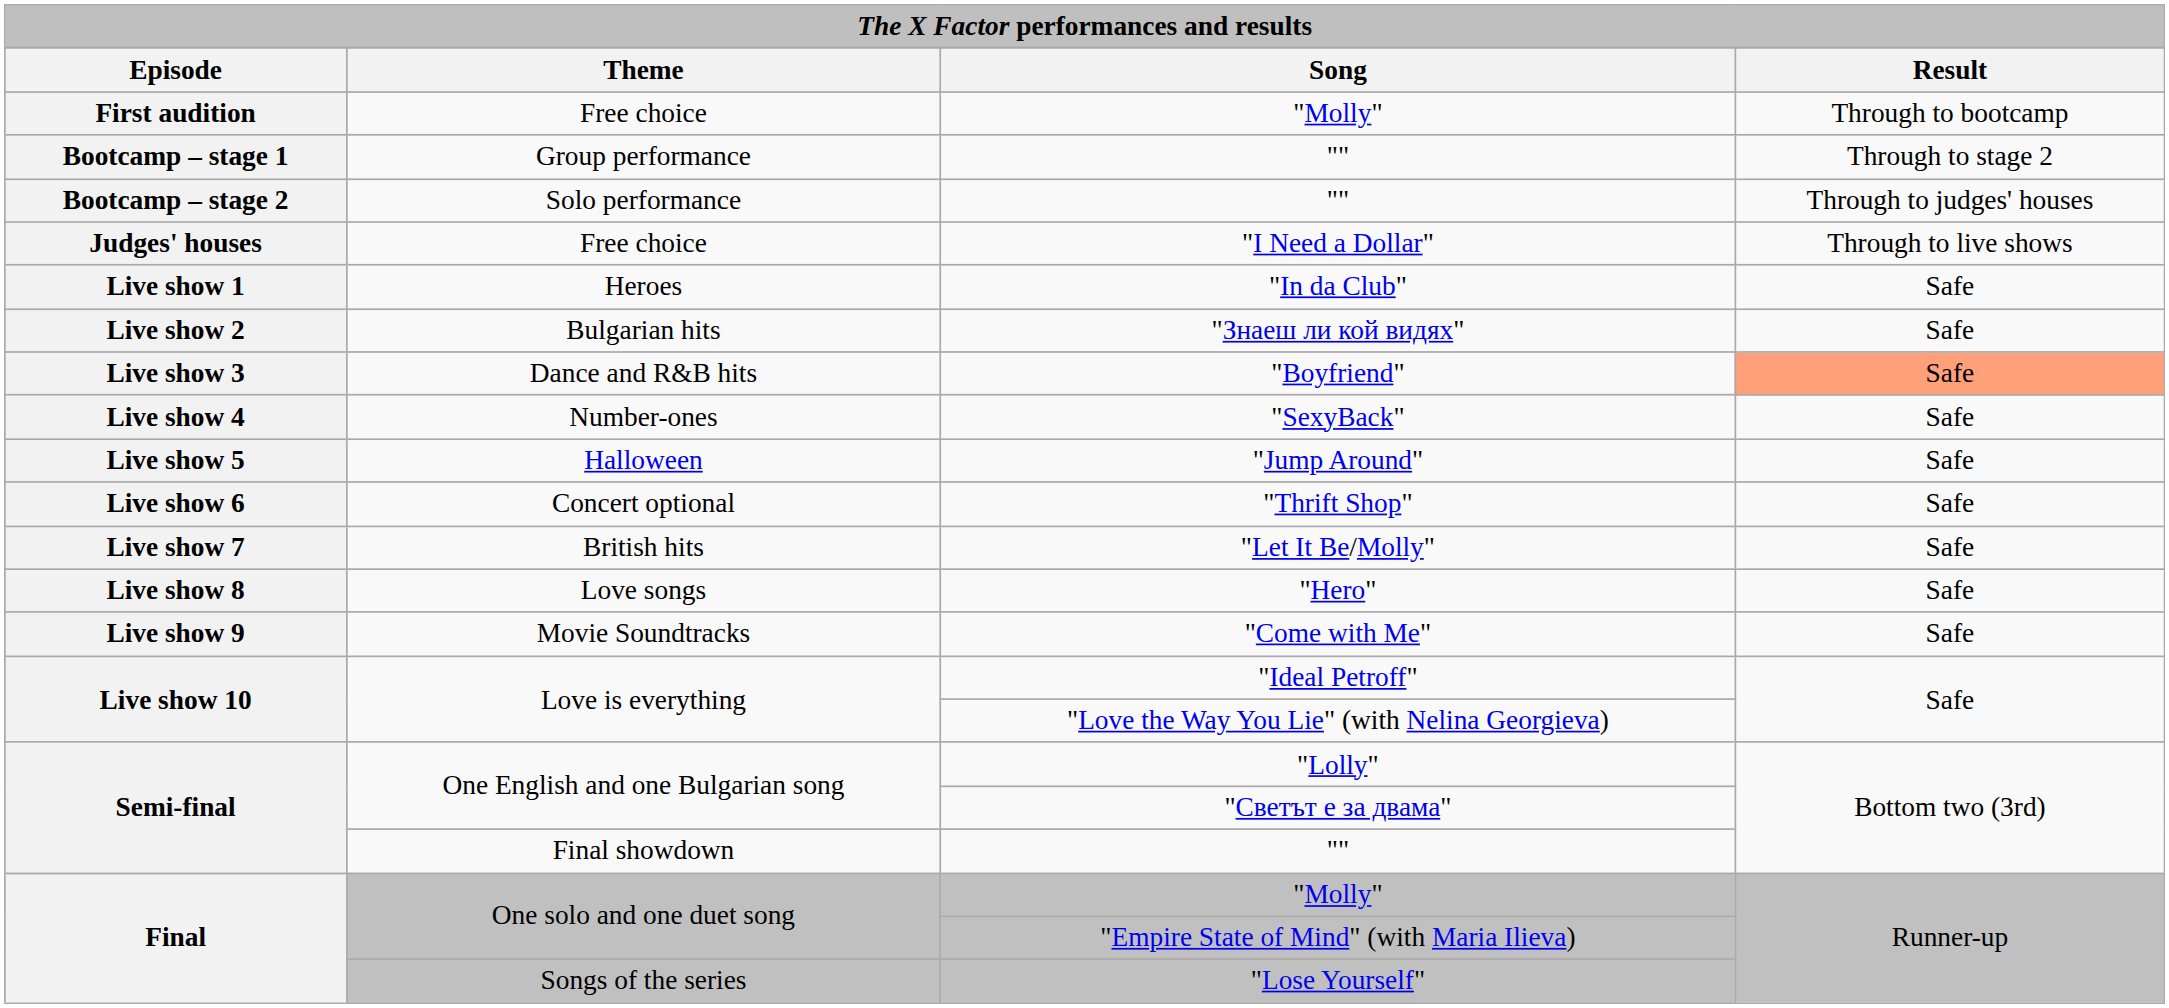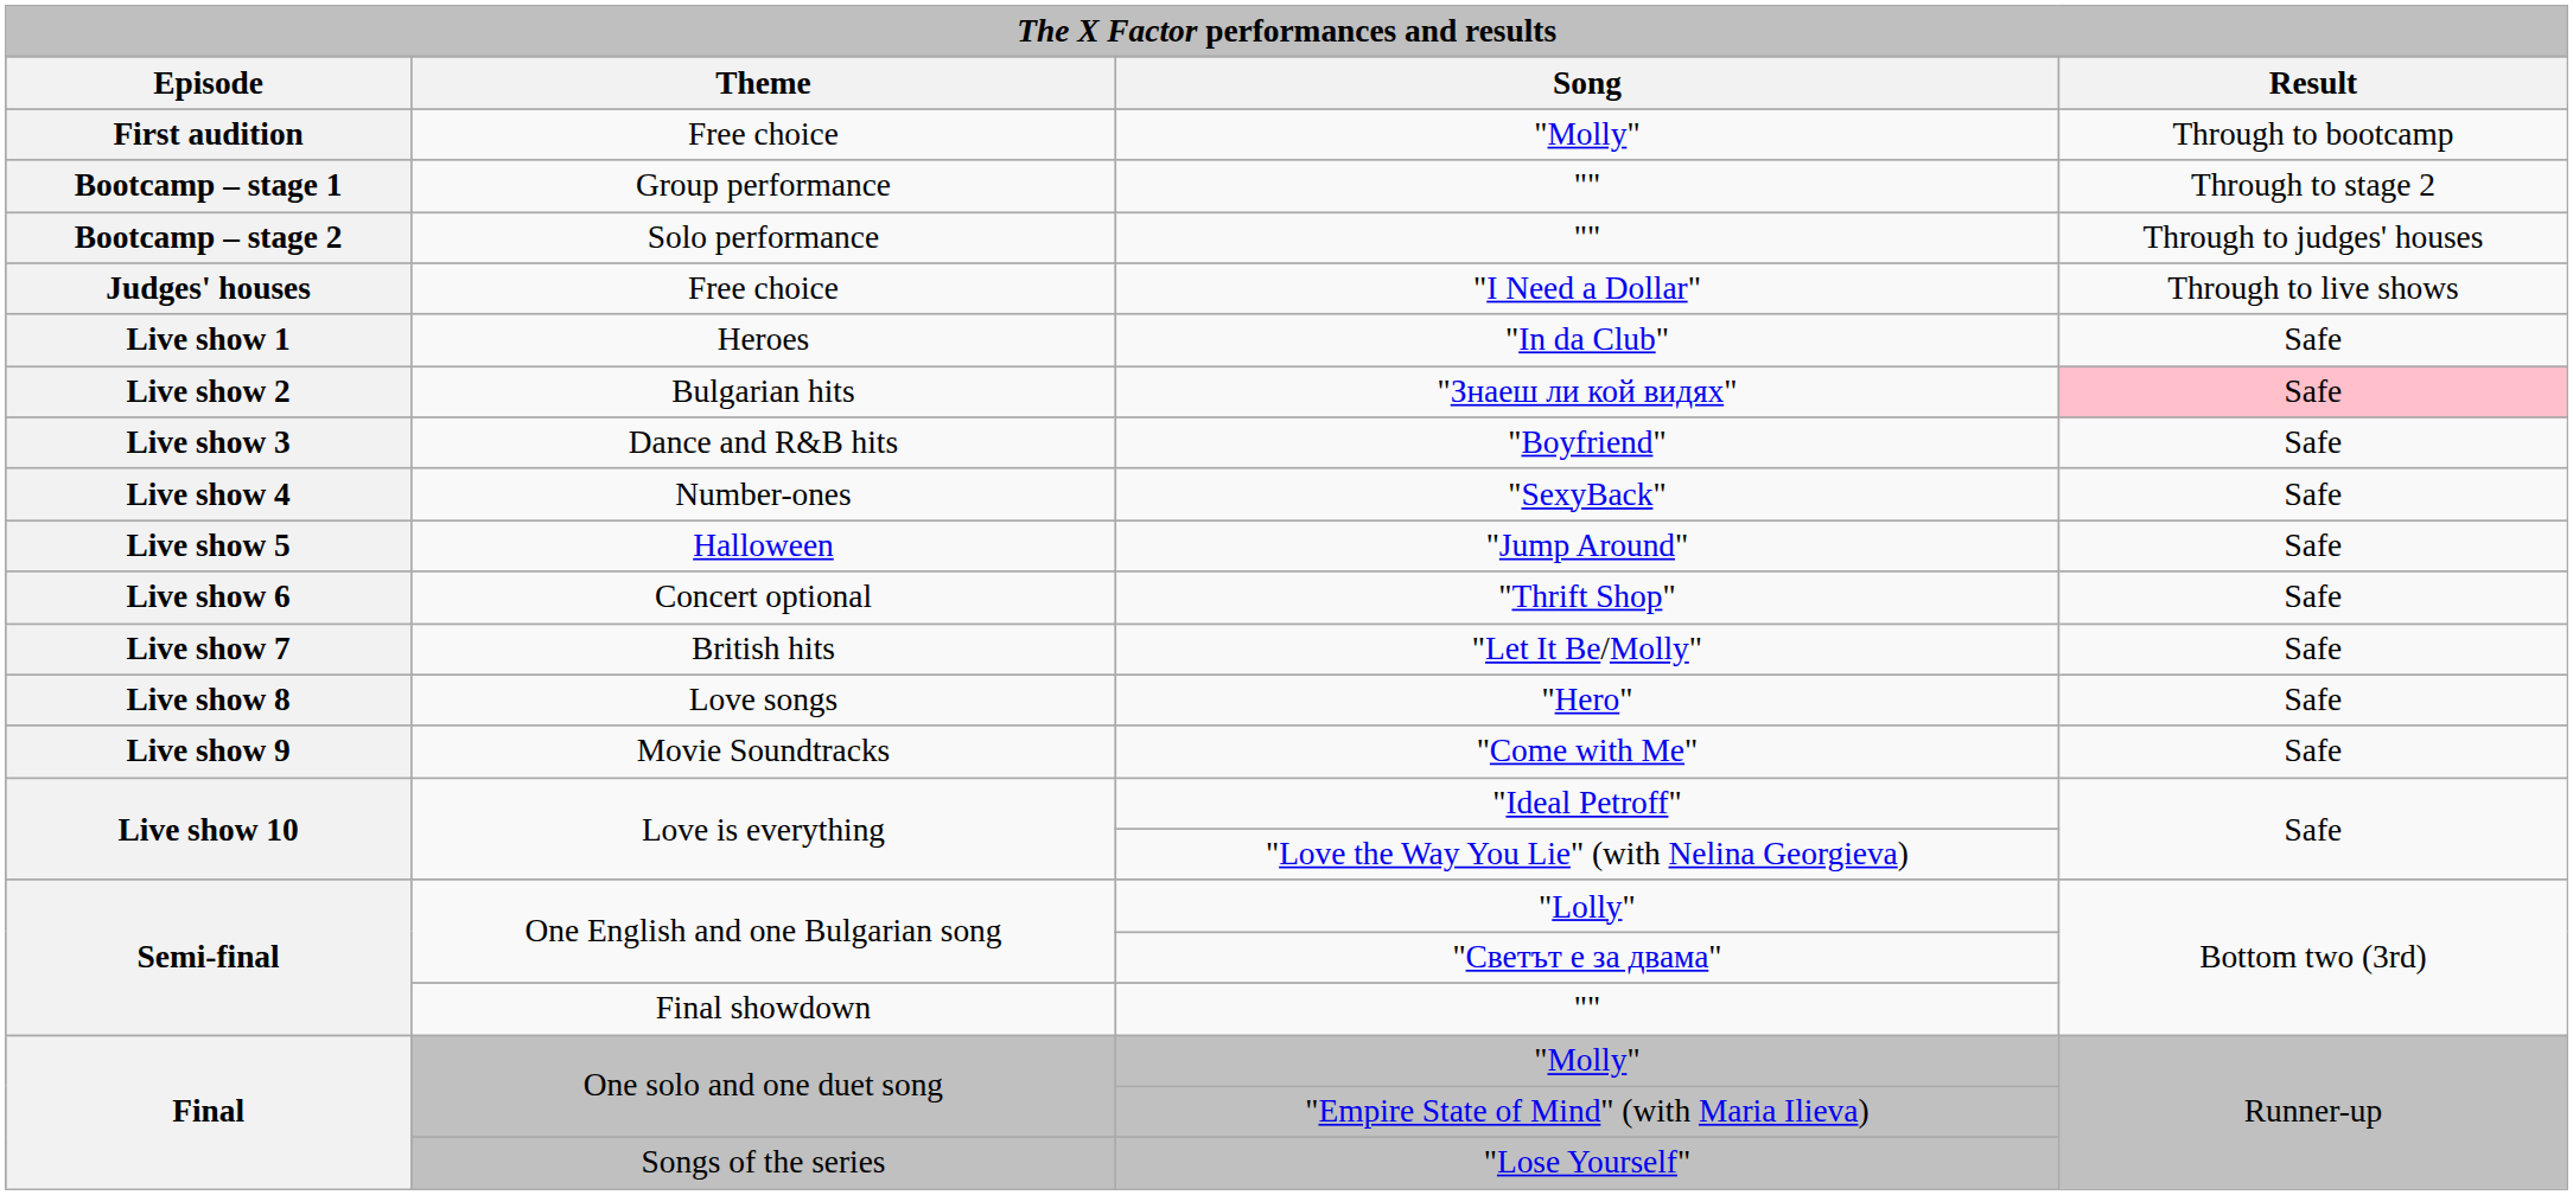 <table class="wikitable collapsible collapsed" style="width:100%; margin:1em auto 1em auto; text-align:center;">
 <tr>
 <th colspan="4" style="background:#BFBFBF;"><em>The X Factor</em> performances and results</th>
 </tr>
 <tr>
 </tr>
 <tr>
 <th scope="col">Episode</th>
 <th scope="col">Theme</th>
 <th scope="col">Song</th>
 <th scope="col">Result</th>
 </tr>
 <tr>
 <th scope="row">First audition</th>
 <td>Free choice</td>
 <td>"<a href='#'>Molly</a>"</td>
 <td>Through to bootcamp</td>
 </tr>
 <tr>
 <th scope="row">Bootcamp – stage 1</th>
 <td>Group performance</td>
 <td>""</td>
 <td>Through to stage 2</td>
 </tr>
 <tr>
 <th scope="row">Bootcamp – stage 2</th>
 <td>Solo performance</td>
 <td>""</td>
 <td>Through to judges' houses</td>
 </tr>
 <tr>
 <th scope="row">Judges' houses</th>
 <td>Free choice</td>
 <td>"<a href='#'>I Need a Dollar</a>"</td>
 <td>Through to live shows</td>
 </tr>
 <tr>
 <th scope="row">Live show 1</th>
 <td>Heroes</td>
 <td>"<a href='#'>In da Club</a>"</td>
 <td>Safe</td>
 </tr>
 <tr>
 <th scope="row">Live show 2</th>
 <td>Bulgarian hits</td>
 <td>"<a href='#'>Знаеш ли кой видях</a>"</td>
-<td>Safe</td>
+<td style="background: pink;">Safe</td>
 </tr>
 <tr>
 <th scope="row">Live show 3</th>
 <td>Dance and R&B hits</td>
 <td>"<a href='#'>Boyfriend</a>"</td>
-<td style="background: lightsalmon;">Safe</td>
+<td>Safe</td>
 </tr>
 <tr>
 <th scope="row">Live show 4</th>
 <td>Number-ones</td>
 <td>"<a href='#'>SexyBack</a>"</td>
 <td>Safe</td>
 </tr>
 <tr>
 <th scope="row">Live show 5</th>
 <td><a href='#'>Halloween</a></td>
 <td>"<a href='#'>Jump Around</a>"</td>
 <td>Safe</td>
 </tr>
 <tr>
 <th scope="row">Live show 6</th>
 <td>Concert optional</td>
 <td>"<a href='#'>Thrift Shop</a>"</td>
 <td>Safe</td>
 </tr>
 <tr>
 <th scope="row">Live show 7</th>
 <td>British hits</td>
 <td>"<a href='#'>Let It Be</a>/<a href='#'>Molly</a>"</td>
 <td>Safe</td>
 </tr>
 <tr>
 <th scope="row">Live show 8</th>
 <td>Love songs</td>
 <td>"<a href='#'>Hero</a>"</td>
 <td>Safe</td>
 </tr>
 <tr>
 <th scope="row">Live show 9</th>
 <td>Movie Soundtracks</td>
 <td>"<a href='#'>Come with Me</a>"</td>
 <td>Safe</td>
 </tr>
 <tr>
 <th scope="row" rowspan="2">Live show 10</th>
 <td rowspan="2">Love is everything</td>
 <td>"<a href='#'>Ideal Petroff</a>"</td>
 <td rowspan="2">Safe</td>
 </tr>
 <tr>
 <td>"<a href='#'>Love the Way You Lie</a>" (with <a href='#'>Nelina Georgieva</a>)</td>
 </tr>
 <tr>
 <th scope="row" rowspan="3">Semi-final</th>
 <td rowspan="2">One English and one Bulgarian song</td>
 <td>"<a href='#'>Lolly</a>"</td>
 <td rowspan="3">Bottom two (3rd)</td>
 </tr>
 <tr>
 <td>"<a href='#'>Светът е за двама</a>"</td>
 </tr>
 <tr>
 <td>Final showdown</td>
 <td>""</td>
 </tr>
 <tr bgcolor="silver">
 <th scope="row" rowspan="4">Final</th>
 <td rowspan="2">One solo and one duet song</td>
 <td>"<a href='#'>Molly</a>"</td>
 <td rowspan="4">Runner-up</td>
 </tr>
 <tr bgcolor="silver">
 <td>"<a href='#'>Empire State of Mind</a>" (with <a href='#'>Maria Ilieva</a>)</td>
 </tr>
 <tr bgcolor="silver">
 <td>Songs of the series</td>
 <td>"<a href='#'>Lose Yourself</a>"</td>
 </tr>
 <tr bgcolor="silver">
 </tr>
 </table>
